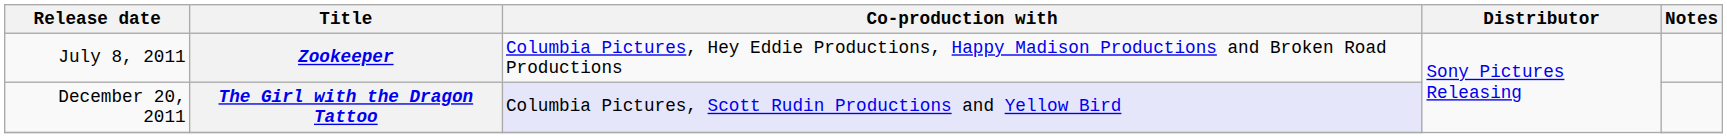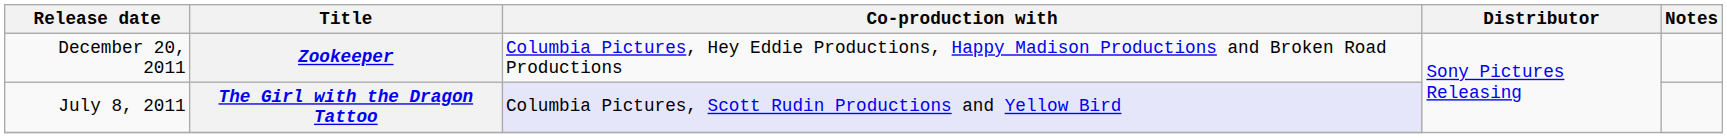 <table class="wikitable sortable" style="width:100%;">
 <tr>
 <th scope="col" style="width:130px;">Release date</th>
 <th>Title</th>
 <th>Co-production with</th>
 <th>Distributor</th>
 <th>Notes</th>
 </tr>
 <tr>
-<td style="text-align:right;">July 8, 2011</td>
+<td style="text-align:right;">December 20, 2011</td>
 <th scope="row"><em><a href='#'>Zookeeper</a></em></th>
 <td><a href='#'>Columbia Pictures</a>, Hey Eddie Productions, <a href='#'>Happy Madison Productions</a> and Broken Road Productions</td>
 <td rowspan=3><a href='#'>Sony Pictures Releasing</a></td>
 <td></td>
 </tr>
 <tr>
-<td style="text-align:right;">December 20, 2011</td>
+<td style="text-align:right;">July 8, 2011</td>
 <th scope="row"><em><a href='#'>The Girl with the Dragon Tattoo</a></em></th>
 <td style="background: lavender;">Columbia Pictures, <a href='#'>Scott Rudin Productions</a> and <a href='#'>Yellow Bird</a></td>
 <td></td>
 </tr>
 <tr>
 </tr>
 </table>
